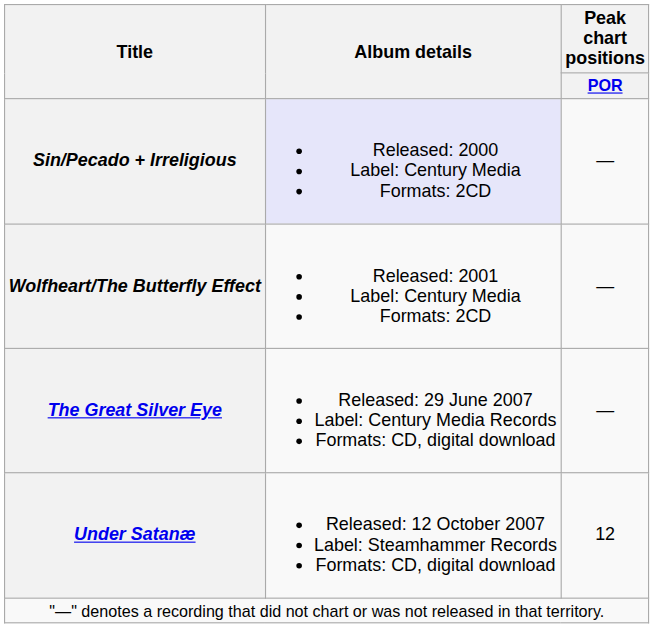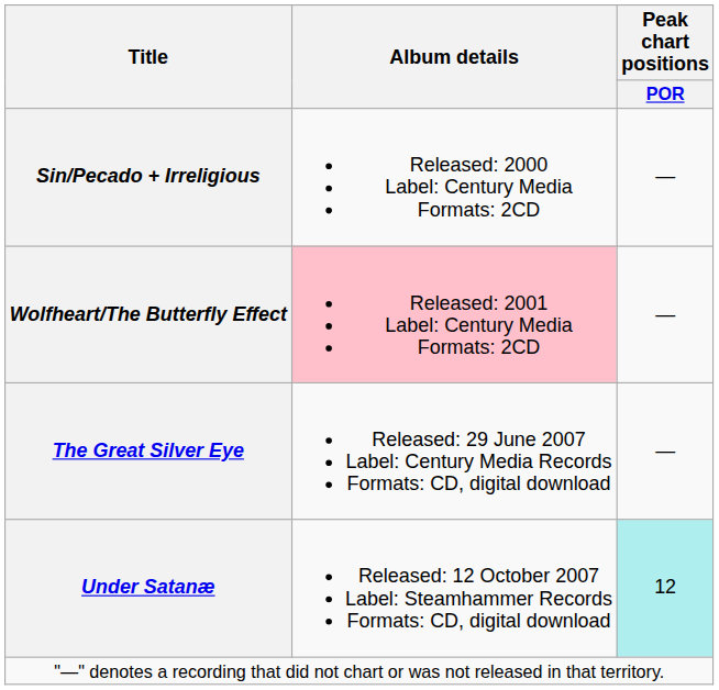 <table class="wikitable plainrowheaders" style="text-align:center;">
 <tr>
 <th scope="col" rowspan="2">Title</th>
 <th scope="col" rowspan="2">Album details</th>
 <th scope="col" colspan="1">Peak chart positions</th>
 </tr>
 <tr>
 <th scope="col" style="width:3em;font-size:90%;"><a href='#'>POR</a><br></th>
 </tr>
 <tr>
 <th scope="row"><em>Sin/Pecado + Irreligious</em></th>
-<td style="background: lavender;"><br><ul><li>Released: 2000</li><li>Label: Century Media</li><li>Formats: 2CD</li></ul></td>
+<td><br><ul><li>Released: 2000</li><li>Label: Century Media</li><li>Formats: 2CD</li></ul></td>
 <td>—</td>
 </tr>
 <tr>
 <th scope="row"><em>Wolfheart/The Butterfly Effect</em></th>
-<td><br><ul><li>Released: 2001</li><li>Label: Century Media</li><li>Formats: 2CD</li></ul></td>
+<td style="background: pink;"><br><ul><li>Released: 2001</li><li>Label: Century Media</li><li>Formats: 2CD</li></ul></td>
 <td>—</td>
 </tr>
 <tr>
 <th scope="row"><em><a href='#'>The Great Silver Eye</a></em></th>
 <td><br><ul><li>Released: 29 June 2007</li><li>Label: Century Media Records</li><li>Formats: CD, digital download</li></ul></td>
 <td>—</td>
 </tr>
 <tr>
 <th scope="row"><em><a href='#'>Under Satanæ</a></em></th>
 <td><br><ul><li>Released: 12 October 2007</li><li>Label: Steamhammer Records</li><li>Formats: CD, digital download</li></ul></td>
-<td>12</td>
+<td style="background: paleturquoise;">12</td>
 </tr>
 <tr>
 <td colspan="15" style="font-size:90%">"—" denotes a recording that did not chart or was not released in that territory.</td>
 </tr>
 </table>
